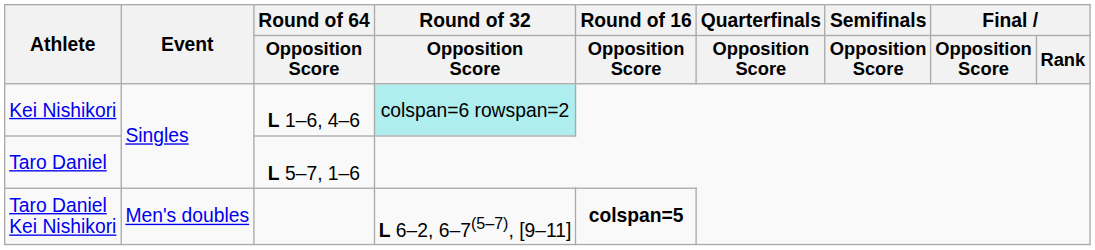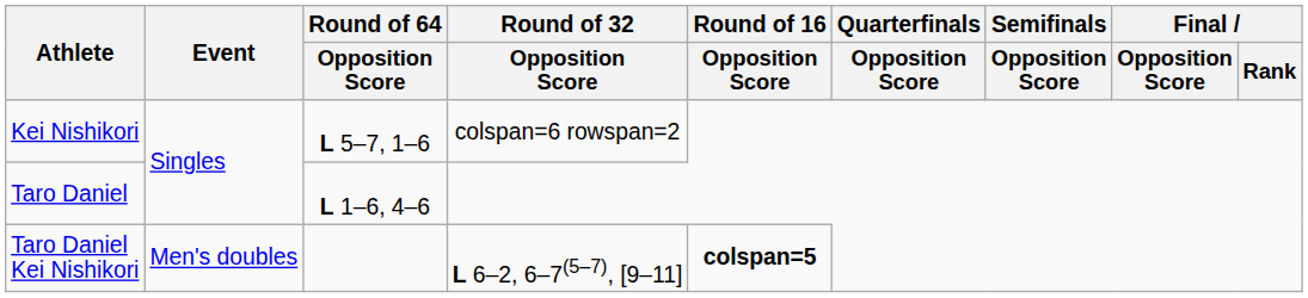 <table class=wikitable style="font-size:90%">
 <tr>
 <th rowspan="2">Athlete</th>
 <th rowspan="2">Event</th>
 <th>Round of 64</th>
 <th>Round of 32</th>
 <th>Round of 16</th>
 <th>Quarterfinals</th>
 <th>Semifinals</th>
 <th colspan=2>Final / </th>
 </tr>
 <tr style="font-size:95%">
 <th>Opposition<br>Score</th>
 <th>Opposition<br>Score</th>
 <th>Opposition<br>Score</th>
 <th>Opposition<br>Score</th>
 <th>Opposition<br>Score</th>
 <th>Opposition<br>Score</th>
 <th>Rank</th>
 </tr>
 <tr align=center>
 <td align=left><a href='#'>Kei Nishikori</a></td>
 <td align=left rowspan="2"><a href='#'>Singles</a></td>
-<td><br><strong>L</strong> 1–6, 4–6</td>
-<td style="background: paleturquoise;">colspan=6 rowspan=2 </td>
+<td><br><strong>L</strong> 5–7, 1–6</td>
+<td>colspan=6 rowspan=2 </td>
 </tr>
 <tr align=center>
 <td align=left><a href='#'>Taro Daniel</a></td>
-<td><br><strong>L</strong> 5–7, 1–6</td>
+<td><br><strong>L</strong> 1–6, 4–6</td>
 </tr>
 <tr align=center>
 <td align=left><a href='#'>Taro Daniel</a><br><a href='#'>Kei Nishikori</a></td>
 <td align=left><a href='#'>Men's doubles</a></td>
 <td></td>
 <td><br><strong>L</strong> 6–2, 6–7<sup>(5–7)</sup>, [9–11]</td>
 <td><strong>colspan=5</strong></td>
 </tr>
 </table>
